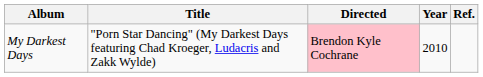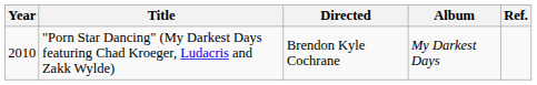 <table class="wikitable">
 <tr>
-<th>Album</th>
+<th>Year</th>
 <th>Title</th>
 <th>Directed</th>
-<th>Year</th>
+<th>Album</th>
 <th>Ref.</th>
 </tr>
 <tr>
+<td>2010</td>
+<td>"Porn Star Dancing" (My Darkest Days<br>featuring Chad Kroeger, <a href='#'>Ludacris</a> and Zakk Wylde)</td>
+<td>Brendon Kyle Cochrane</td>
 <td><em>My Darkest Days</em></td>
-<td>"Porn Star Dancing" (My Darkest Days<br>featuring Chad Kroeger, <a href='#'>Ludacris</a> and Zakk Wylde)</td>
-<td style="background: pink;">Brendon Kyle Cochrane</td>
-<td>2010</td>
 <td></td>
 </tr>
 </table>
